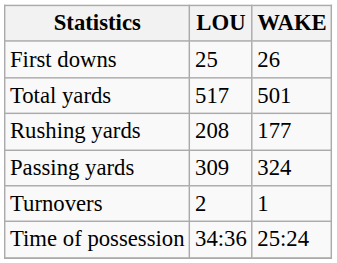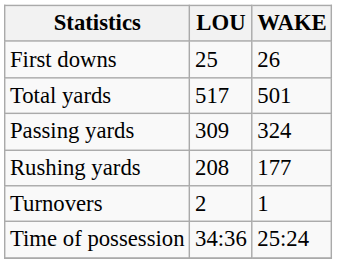 <table class="wikitable" style="float: left;">
 <tr>
 <th>Statistics</th>
 <th>LOU</th>
 <th>WAKE</th>
 </tr>
 <tr>
 <td>First downs</td>
 <td>25</td>
 <td>26</td>
 </tr>
 <tr>
 <td>Total yards</td>
 <td>517</td>
 <td>501</td>
 </tr>
 <tr>
+<td>Passing yards</td>
+<td>309</td>
+<td>324</td>
+</tr>
+<tr>
 <td>Rushing yards</td>
 <td>208</td>
 <td>177</td>
-</tr>
-<tr>
-<td>Passing yards</td>
-<td>309</td>
-<td>324</td>
 </tr>
 <tr>
 <td>Turnovers</td>
 <td>2</td>
 <td>1</td>
 </tr>
 <tr>
 <td>Time of possession</td>
 <td>34:36</td>
 <td>25:24</td>
 </tr>
 <tr>
 </tr>
 </table>
